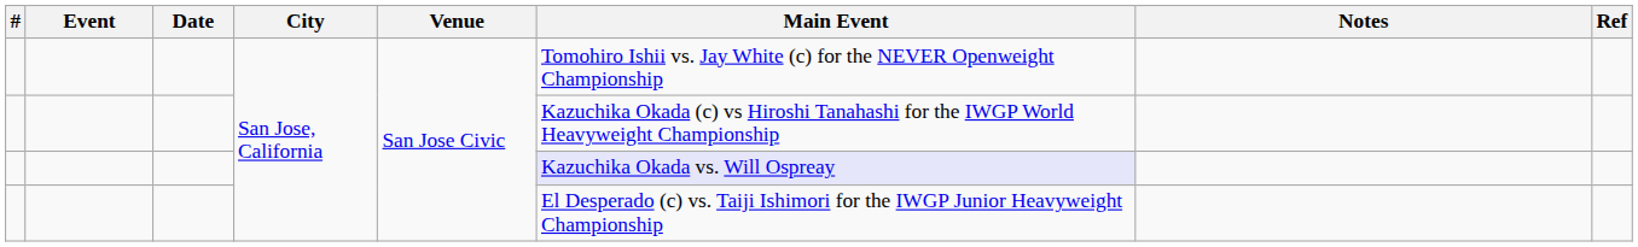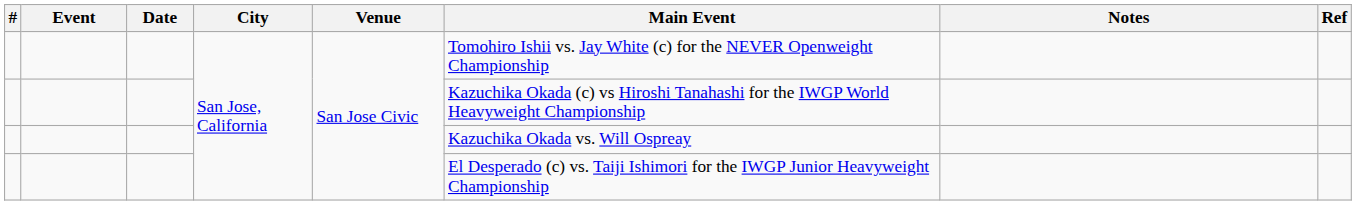 <table class="wikitable sortable" align="center">
 <tr>
 <th width="1%">#</th>
 <th width="8%">Event</th>
 <th width="5%">Date</th>
 <th width="9%">City</th>
 <th width="10%">Venue</th>
 <th width="38%">Main Event</th>
 <th width="35%">Notes</th>
 <th width="5%">Ref</th>
 </tr>
 <tr>
 <td></td>
 <td></td>
 <td></td>
 <td rowspan="4"><a href='#'>San Jose, California</a></td>
 <td rowspan="4"><a href='#'>San Jose Civic</a></td>
 <td><a href='#'>Tomohiro Ishii</a> vs. <a href='#'>Jay White</a> (c) for the <a href='#'>NEVER Openweight Championship</a></td>
 <td></td>
 <td></td>
 </tr>
 <tr>
 <td></td>
 <td></td>
 <td></td>
 <td><a href='#'>Kazuchika Okada</a> (c) vs <a href='#'>Hiroshi Tanahashi</a> for the <a href='#'>IWGP World Heavyweight Championship</a></td>
 <td></td>
 <td></td>
 </tr>
 <tr>
 <td></td>
 <td></td>
 <td></td>
-<td style="background: lavender;"><a href='#'>Kazuchika Okada</a> vs. <a href='#'>Will Ospreay</a></td>
+<td><a href='#'>Kazuchika Okada</a> vs. <a href='#'>Will Ospreay</a></td>
 <td></td>
 <td></td>
 </tr>
 <tr>
 <td></td>
 <td></td>
 <td></td>
 <td><a href='#'>El Desperado</a> (c) vs. <a href='#'>Taiji Ishimori</a> for the <a href='#'>IWGP Junior Heavyweight Championship</a></td>
 <td></td>
 <td></td>
 </tr>
 </table>
